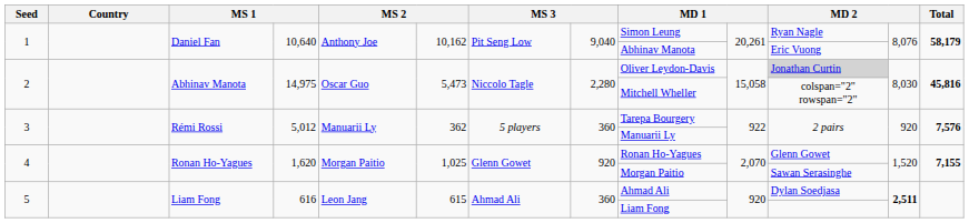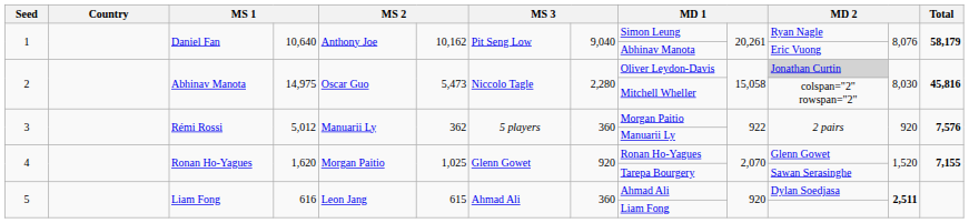 <table class="wikitable" style="font-size:90%; text-align:center">
 <tr>
 <th width="50">Seed</th>
 <th width="150">Country</th>
 <th width="200" colspan="2">MS 1</th>
 <th width="200" colspan="2">MS 2</th>
 <th width="200" colspan="2">MS 3</th>
 <th width="200" colspan="2">MD 1</th>
 <th width="200" colspan="2">MD 2</th>
 <th width="50">Total</th>
 </tr>
 <tr>
 <td rowspan="2">1</td>
 <td align="left" rowspan="2"></td>
 <td align="left" rowspan="2"><a href='#'>Daniel Fan</a></td>
 <td align="right" rowspan="2">10,640</td>
 <td align="left" rowspan="2"><a href='#'>Anthony Joe</a></td>
 <td align="right" rowspan="2">10,162</td>
 <td align="left" rowspan="2"><a href='#'>Pit Seng Low</a></td>
 <td align="right" rowspan="2">9,040</td>
 <td align="left"><a href='#'>Simon Leung</a></td>
 <td align="right" rowspan="2">20,261</td>
 <td align="left"><a href='#'>Ryan Nagle</a></td>
 <td align="right" rowspan="2">8,076</td>
 <td align="right" rowspan="2"><strong>58,179</strong></td>
 </tr>
 <tr>
 <td align="left"><a href='#'>Abhinav Manota</a></td>
 <td align="left"><a href='#'>Eric Vuong</a></td>
 </tr>
 <tr>
 <td rowspan="2">2</td>
 <td align="left" rowspan="2"></td>
 <td align="left" rowspan="2"><a href='#'>Abhinav Manota</a></td>
 <td align="right" rowspan="2">14,975</td>
 <td align="left" rowspan="2"><a href='#'>Oscar Guo</a></td>
 <td align="right" rowspan="2">5,473</td>
 <td align="left" rowspan="2"><a href='#'>Niccolo Tagle</a></td>
 <td align="right" rowspan="2">2,280</td>
 <td align="left"><a href='#'>Oliver Leydon-Davis</a></td>
 <td align="right" rowspan="2">15,058</td>
 <td align="left" style="background: lightgrey;"><a href='#'>Jonathan Curtin</a></td>
 <td align="right" rowspan="2">8,030</td>
 <td align="right" rowspan="2"><strong>45,816</strong></td>
 </tr>
 <tr>
 <td align="left"><a href='#'>Mitchell Wheller</a></td>
 <td>colspan="2" rowspan="2" </td>
 </tr>
 <tr>
 <td rowspan="2">3</td>
 <td align="left" rowspan="2"></td>
 <td align="left" rowspan="2"><a href='#'>Rémi Rossi</a></td>
 <td align="right" rowspan="2">5,012</td>
 <td align="left" rowspan="2"><a href='#'>Manuarii Ly</a></td>
 <td align="right" rowspan="2">362</td>
 <td align="center" rowspan="2"><em>5 players</em></td>
 <td align="right" rowspan="2">360</td>
-<td align="left"><a href='#'>Tarepa Bourgery</a></td>
+<td align="left"><a href='#'>Morgan Paitio</a></td>
 <td align="right" rowspan="2">922</td>
 <td align="center" rowspan="2"><em>2 pairs</em></td>
 <td align="right" rowspan="2">920</td>
 <td align="right" rowspan="2"><strong>7,576</strong></td>
 </tr>
 <tr>
 <td align="left"><a href='#'>Manuarii Ly</a></td>
 </tr>
 <tr>
 <td rowspan="2">4</td>
 <td align="left" rowspan="2"></td>
 <td align="left" rowspan="2"><a href='#'>Ronan Ho-Yagues</a></td>
 <td align="right" rowspan="2">1,620</td>
 <td align="left" rowspan="2"><a href='#'>Morgan Paitio</a></td>
 <td align="right" rowspan="2">1,025</td>
 <td align="left" rowspan="2"><a href='#'>Glenn Gowet</a></td>
 <td align="right" rowspan="2">920</td>
 <td align="left"><a href='#'>Ronan Ho-Yagues</a></td>
 <td align="right" rowspan="2">2,070</td>
 <td align="left"><a href='#'>Glenn Gowet</a></td>
 <td align="right" rowspan="2">1,520</td>
 <td align="right" rowspan="2"><strong>7,155</strong></td>
 </tr>
 <tr>
-<td align="left"><a href='#'>Morgan Paitio</a></td>
+<td align="left"><a href='#'>Tarepa Bourgery</a></td>
 <td align="left"><a href='#'>Sawan Serasinghe</a></td>
 </tr>
 <tr>
 <td rowspan="2">5</td>
 <td align="left" rowspan="2"></td>
 <td align="left" rowspan="2"><a href='#'>Liam Fong</a></td>
 <td align="right" rowspan="2">616</td>
 <td align="left" rowspan="2"><a href='#'>Leon Jang</a></td>
 <td align="right" rowspan="2">615</td>
 <td align="left" rowspan="2"><a href='#'>Ahmad Ali</a></td>
 <td align="right" rowspan="2">360</td>
 <td align="left"><a href='#'>Ahmad Ali</a></td>
 <td align="right" rowspan="2">920</td>
 <td align="left"><a href='#'>Dylan Soedjasa</a></td>
 <td align="right" rowspan="2"><strong>2,511</strong></td>
 </tr>
 <tr>
 <td align="left"><a href='#'>Liam Fong</a></td>
 </tr>
 </table>
